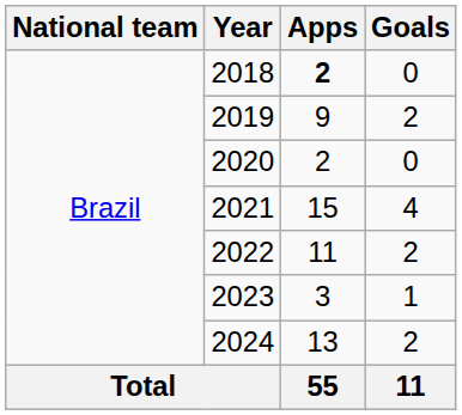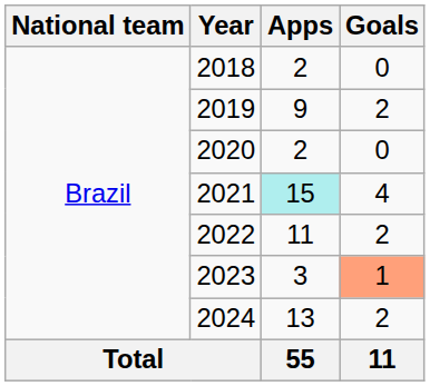 <table class="wikitable" style="text-align:center">
 <tr>
 <th>National team</th>
 <th>Year</th>
 <th>Apps</th>
 <th>Goals</th>
 </tr>
 <tr>
 <td rowspan="7"><a href='#'>Brazil</a></td>
 <td>2018</td>
-<td><strong>2</strong></td>
+<td>2</td>
 <td>0</td>
 </tr>
 <tr>
 <td>2019</td>
 <td>9</td>
 <td>2</td>
 </tr>
 <tr>
 <td>2020</td>
 <td>2</td>
 <td>0</td>
 </tr>
 <tr>
 <td>2021</td>
-<td>15</td>
+<td style="background: paleturquoise;">15</td>
 <td>4</td>
 </tr>
 <tr>
 <td>2022</td>
 <td>11</td>
 <td>2</td>
 </tr>
 <tr>
 <td>2023</td>
 <td>3</td>
-<td>1</td>
+<td style="background: lightsalmon;">1</td>
 </tr>
 <tr>
 <td>2024</td>
 <td>13</td>
 <td>2</td>
 </tr>
 <tr>
 <th colspan="2">Total</th>
 <th>55</th>
 <th>11</th>
 </tr>
 </table>
